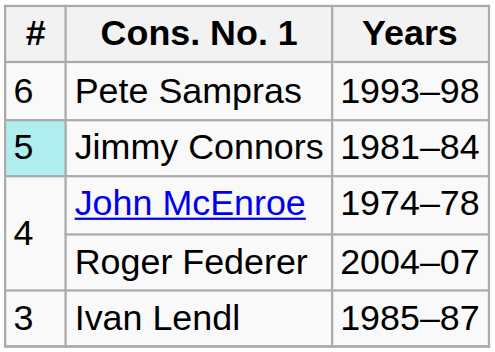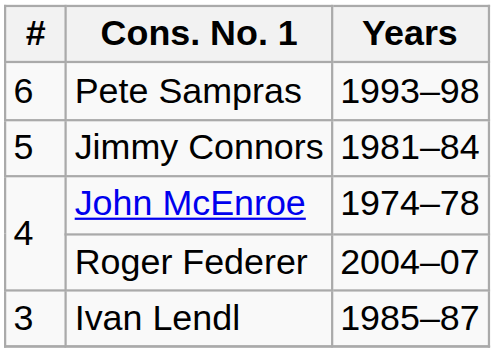 <table class=wikitable style="display:inline-table;">
 <tr>
 <th width="20">#</th>
 <th>Cons. No. 1</th>
 <th>Years</th>
 </tr>
 <tr>
 <td>6</td>
 <td> Pete Sampras</td>
 <td>1993–98</td>
 </tr>
 <tr>
-<td style="background: paleturquoise;">5</td>
+<td>5</td>
 <td> Jimmy Connors</td>
 <td>1981–84</td>
 </tr>
 <tr>
 <td rowspan="2">4</td>
 <td> <a href='#'>John McEnroe</a></td>
 <td>1974–78</td>
 </tr>
 <tr>
 <td> Roger Federer</td>
 <td>2004–07</td>
 </tr>
 <tr>
 <td>3</td>
 <td> Ivan Lendl</td>
 <td>1985–87</td>
 </tr>
 <tr>
 </tr>
 </table>
